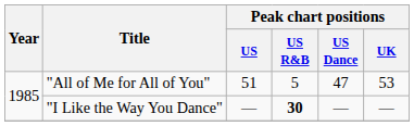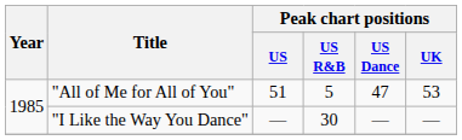 <table class="wikitable">
 <tr>
 <th scope="col" rowspan="2">Year</th>
 <th scope="col" rowspan="2">Title</th>
 <th scope="col" colspan="4">Peak chart positions</th>
 </tr>
 <tr>
 <th style="width:40px;"><small><a href='#'>US</a></small><br></th>
 <th style="width:40px;"><small><a href='#'>US R&B</a></small><br></th>
 <th style="width:40px;"><small><a href='#'>US Dance</a></small><br></th>
 <th style="width:40px;"><small><a href='#'>UK</a></small><br></th>
 </tr>
 <tr>
 <td rowspan="2">1985</td>
 <td>"All of Me for All of You"</td>
 <td align=center>51</td>
 <td align=center>5</td>
 <td align=center>47</td>
 <td align=center>53</td>
 </tr>
 <tr>
 <td>"I Like the Way You Dance"</td>
 <td align=center>―</td>
-<td align=center><strong>30</strong></td>
+<td align=center>30</td>
 <td align=center>―</td>
 <td align=center>―</td>
 </tr>
 <tr>
 </tr>
 </table>
